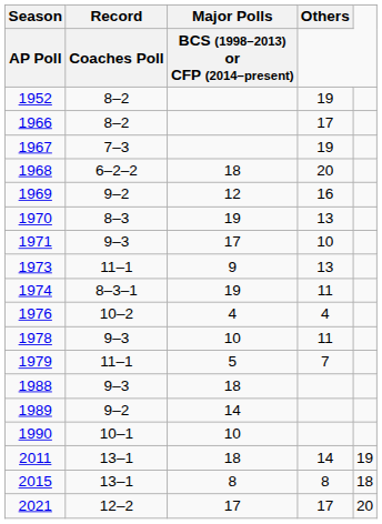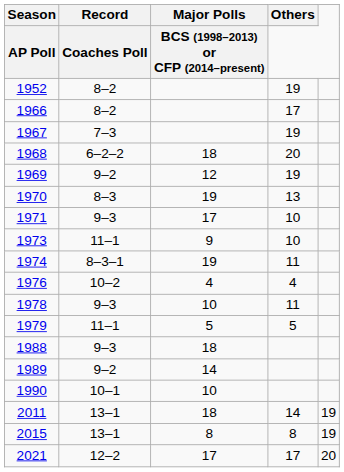 <table class="wikitable" style="text-align:center">
 <tr>
 <th>Season</th>
 <th>Record</th>
 <th>Major Polls</th>
 <th>Others</th>
 </tr>
 <tr>
 <th>AP Poll</th>
 <th>Coaches Poll</th>
 <th>BCS <small>(1998–2013)</small><br>or<br>CFP <small>(2014–present)</small></th>
 </tr>
 <tr>
 <td><a href='#'>1952</a></td>
 <td>8–2</td>
 <td></td>
 <td>19</td>
 <td></td>
 </tr>
 <tr>
 <td><a href='#'>1966</a></td>
 <td>8–2</td>
 <td></td>
 <td>17</td>
 <td></td>
 </tr>
 <tr>
 <td><a href='#'>1967</a></td>
 <td>7–3</td>
 <td></td>
 <td>19</td>
 <td></td>
 </tr>
 <tr>
 <td><a href='#'>1968</a></td>
 <td>6–2–2</td>
 <td>18</td>
 <td>20</td>
 <td></td>
 </tr>
 <tr>
 <td><a href='#'>1969</a></td>
 <td>9–2</td>
 <td>12</td>
-<td>16</td>
+<td>19</td>
 <td></td>
 </tr>
 <tr>
 <td><a href='#'>1970</a></td>
 <td>8–3</td>
 <td>19</td>
 <td>13</td>
 <td></td>
 </tr>
 <tr>
 <td><a href='#'>1971</a></td>
 <td>9–3</td>
 <td>17</td>
 <td>10</td>
 <td></td>
 </tr>
 <tr>
 <td><a href='#'>1973</a></td>
 <td>11–1</td>
 <td>9</td>
-<td>13</td>
+<td>10</td>
 <td></td>
 </tr>
 <tr>
 <td><a href='#'>1974</a></td>
 <td>8–3–1</td>
 <td>19</td>
 <td>11</td>
 <td></td>
 </tr>
 <tr>
 <td><a href='#'>1976</a></td>
 <td>10–2</td>
 <td>4</td>
 <td>4</td>
 <td></td>
 </tr>
 <tr>
 <td><a href='#'>1978</a></td>
 <td>9–3</td>
 <td>10</td>
 <td>11</td>
 <td></td>
 </tr>
 <tr>
 <td><a href='#'>1979</a></td>
 <td>11–1</td>
 <td>5</td>
-<td>7</td>
+<td>5</td>
 <td></td>
 </tr>
 <tr>
 <td><a href='#'>1988</a></td>
 <td>9–3</td>
 <td>18</td>
 <td></td>
 <td></td>
 </tr>
 <tr>
 <td><a href='#'>1989</a></td>
 <td>9–2</td>
 <td>14</td>
 <td></td>
 <td></td>
 </tr>
 <tr>
 <td><a href='#'>1990</a></td>
 <td>10–1</td>
 <td>10</td>
 <td></td>
 <td></td>
 </tr>
 <tr>
 <td><a href='#'>2011</a></td>
 <td>13–1</td>
 <td>18</td>
 <td>14</td>
 <td>19</td>
 </tr>
 <tr>
 <td><a href='#'>2015</a></td>
 <td>13–1</td>
 <td>8</td>
 <td>8</td>
-<td>18</td>
+<td>19</td>
 </tr>
 <tr>
 <td><a href='#'>2021</a></td>
 <td>12–2</td>
 <td>17</td>
 <td>17</td>
 <td>20</td>
 </tr>
 </table>
